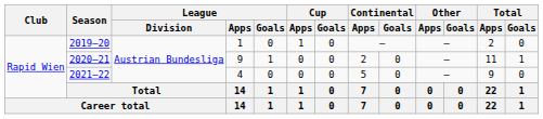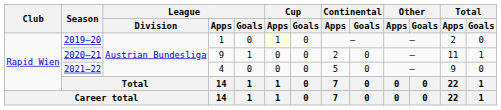 <table class="wikitable" style="text-align:center">
 <tr>
 <th rowspan="2">Club</th>
 <th rowspan="2">Season</th>
 <th colspan="3">League</th>
 <th colspan="2">Cup</th>
 <th colspan="2">Continental</th>
 <th colspan="2">Other</th>
 <th colspan="2">Total</th>
 </tr>
 <tr>
 <th>Division</th>
 <th>Apps</th>
 <th>Goals</th>
 <th>Apps</th>
 <th>Goals</th>
 <th>Apps</th>
 <th>Goals</th>
 <th>Apps</th>
 <th>Goals</th>
 <th>Apps</th>
 <th>Goals</th>
 </tr>
 <tr>
 <td rowspan="4"><a href='#'>Rapid Wien</a></td>
 <td><a href='#'>2019–20</a></td>
 <td rowspan="3"><a href='#'>Austrian Bundesliga</a></td>
 <td>1</td>
 <td>0</td>
-<td>1</td>
+<td style="background: lightyellow;">1</td>
 <td>0</td>
 <td colspan="2">—</td>
 <td colspan="2">—</td>
 <td>2</td>
 <td>0</td>
 </tr>
 <tr>
 <td><a href='#'>2020–21</a></td>
 <td>9</td>
 <td>1</td>
 <td>0</td>
 <td>0</td>
 <td>2</td>
 <td>0</td>
 <td colspan="2">—</td>
 <td>11</td>
 <td>1</td>
 </tr>
 <tr>
 <td><a href='#'>2021–22</a></td>
 <td>4</td>
 <td>0</td>
 <td>0</td>
 <td>0</td>
 <td>5</td>
 <td>0</td>
 <td colspan="2">—</td>
 <td>9</td>
 <td>0</td>
 </tr>
 <tr>
 <th colspan="2">Total</th>
 <th>14</th>
 <th>1</th>
 <th>1</th>
 <th>0</th>
 <th>7</th>
 <th>0</th>
 <th>0</th>
 <th>0</th>
 <th>22</th>
 <th>1</th>
 </tr>
 <tr>
 <th colspan="3">Career total</th>
 <th>14</th>
 <th>1</th>
 <th>1</th>
 <th>0</th>
 <th>7</th>
 <th>0</th>
 <th>0</th>
 <th>0</th>
 <th>22</th>
 <th>1</th>
 </tr>
 </table>
